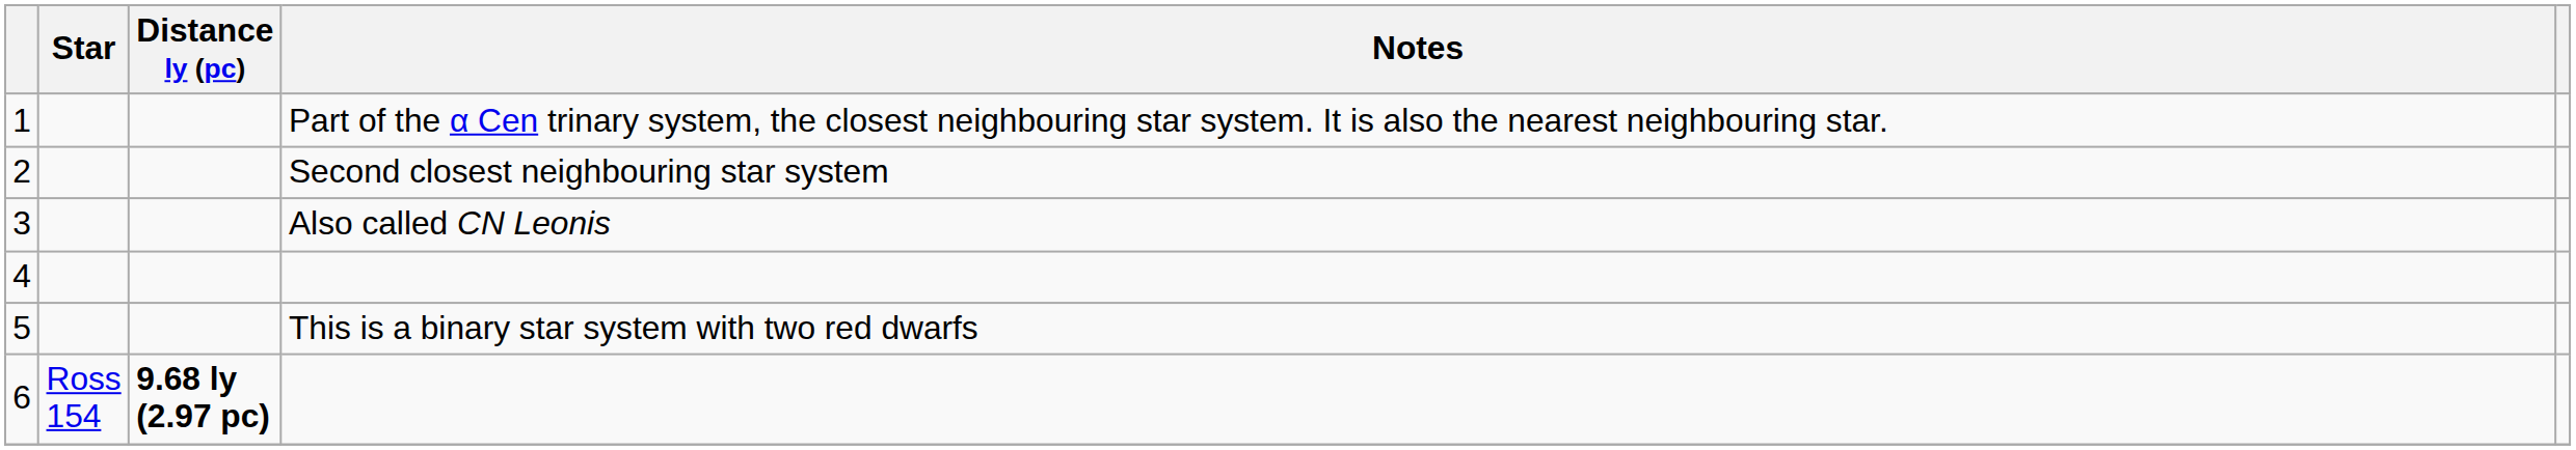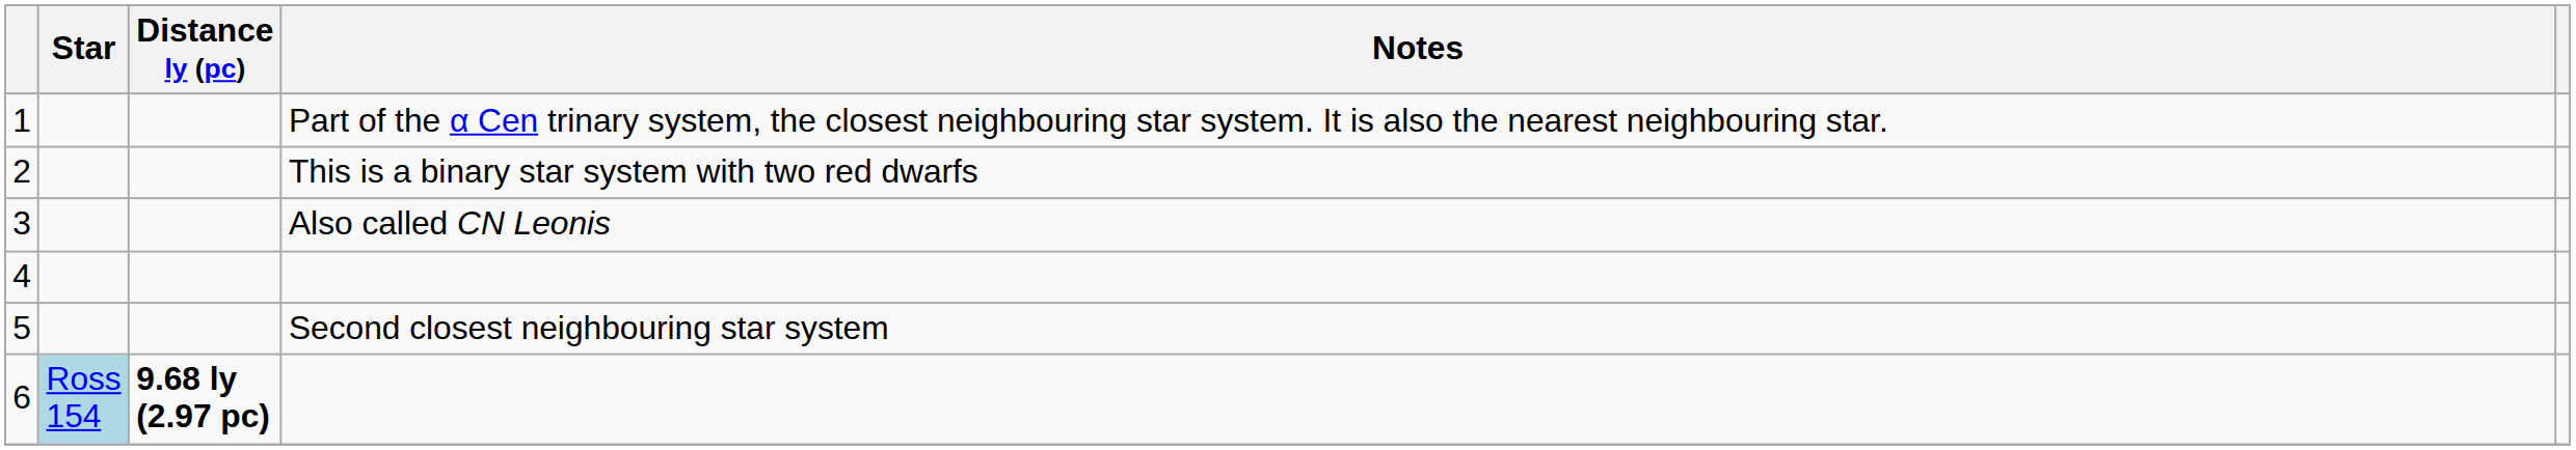 <table class="wikitable sortable">
 <tr>
 <th></th>
 <th>Star</th>
 <th>Distance<br><small><a href='#'>ly</a> (<a href='#'>pc</a>)</small></th>
 <th width=100%>Notes</th>
 <th></th>
 </tr>
 <tr>
 <td>1</td>
 <td></td>
 <td></td>
 <td>Part of the <a href='#'>α Cen</a> trinary system, the closest neighbouring star system. It is also the nearest neighbouring star.</td>
 <td></td>
 </tr>
 <tr>
 <td>2</td>
 <td></td>
 <td></td>
-<td>Second closest neighbouring star system</td>
+<td>This is a binary star system with two red dwarfs</td>
 <td></td>
 </tr>
 <tr>
 <td>3</td>
 <td></td>
 <td></td>
 <td>Also called <em>CN Leonis</em></td>
 <td></td>
 </tr>
 <tr>
 <td>4</td>
 <td></td>
 <td></td>
 <td></td>
 <td></td>
 </tr>
 <tr>
 <td>5</td>
 <td></td>
 <td></td>
-<td>This is a binary star system with two red dwarfs</td>
+<td>Second closest neighbouring star system</td>
 <td></td>
 </tr>
 <tr>
 <td>6</td>
-<td><a href='#'>Ross 154</a></td>
+<td style="background: lightblue;"><a href='#'>Ross 154</a></td>
 <td><strong>9.68 ly (2.97 pc)</strong></td>
 <td></td>
 <td></td>
 </tr>
 <tr>
 </tr>
 </table>
